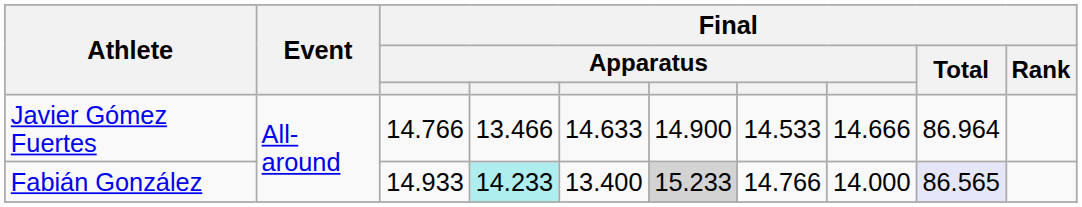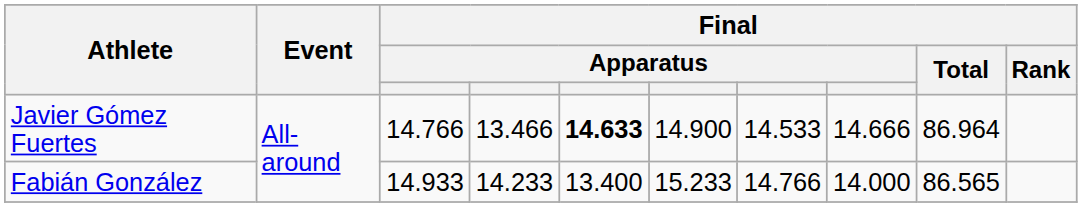 <table class="wikitable" style="font-size:90%">
 <tr>
 <th rowspan=3>Athlete</th>
 <th rowspan=3>Event</th>
 <th colspan =8>Final</th>
 </tr>
 <tr style="font-size:95%">
 <th colspan=6>Apparatus</th>
 <th rowspan=2>Total</th>
 <th rowspan=2>Rank</th>
 </tr>
 <tr style="font-size:95%">
 <th></th>
 <th></th>
 <th></th>
 <th></th>
 <th></th>
 <th></th>
 </tr>
 <tr align=center>
 <td align=left><a href='#'>Javier Gómez Fuertes</a></td>
 <td align=left rowspan=2><a href='#'>All-around</a></td>
 <td>14.766</td>
 <td>13.466</td>
-<td>14.633</td>
+<td><strong>14.633</strong></td>
 <td>14.900</td>
 <td>14.533</td>
 <td>14.666</td>
 <td>86.964</td>
 <td></td>
 </tr>
 <tr align=center>
 <td align=left><a href='#'>Fabián González</a></td>
 <td>14.933</td>
-<td style="background: paleturquoise;">14.233</td>
+<td>14.233</td>
 <td>13.400</td>
-<td style="background: lightgrey;">15.233</td>
+<td>15.233</td>
 <td>14.766</td>
 <td>14.000</td>
-<td style="background: lavender;">86.565</td>
+<td>86.565</td>
 <td></td>
 </tr>
 </table>
